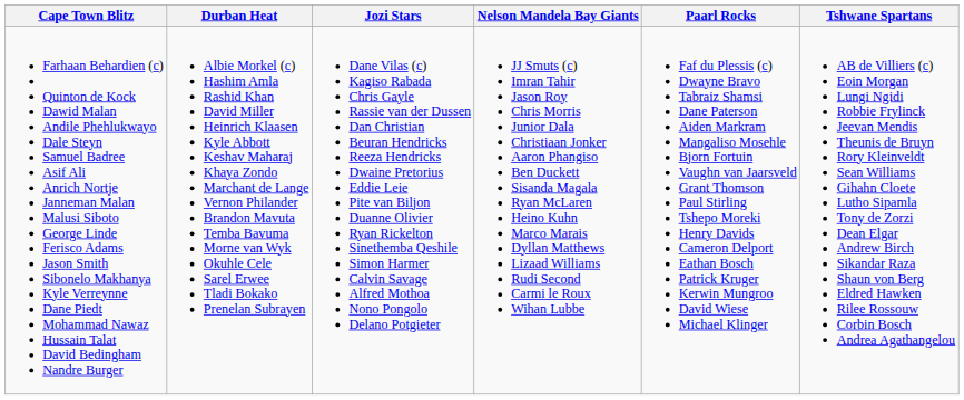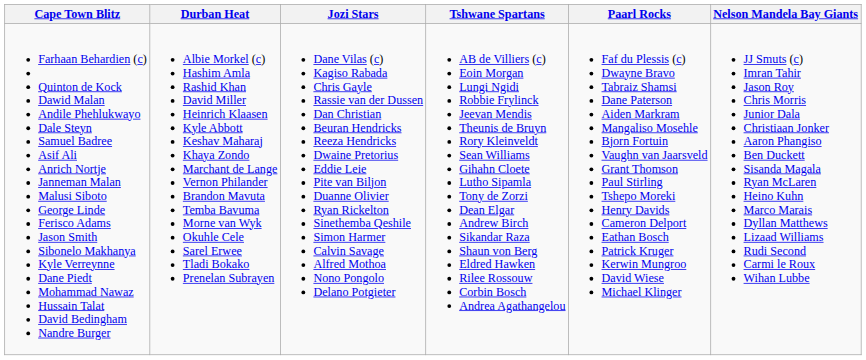 <table class="wikitable" style="text-align:left; margin:auto">
 <tr>
 <th><a href='#'>Cape Town Blitz</a></th>
 <th><a href='#'>Durban Heat</a></th>
 <th><a href='#'>Jozi Stars</a></th>
+<th><a href='#'>Tshwane Spartans</a></th>
+<th><a href='#'>Paarl Rocks</a></th>
 <th><a href='#'>Nelson Mandela Bay Giants</a></th>
-<th><a href='#'>Paarl Rocks</a></th>
-<th><a href='#'>Tshwane Spartans</a></th>
 </tr>
 <tr style="vertical-align:top">
 <td><br><ul><li><a href='#'>Farhaan Behardien</a> (<a href='#'>c</a>)</li><li></li><li><a href='#'>Quinton de Kock</a></li><li><a href='#'>Dawid Malan</a></li><li><a href='#'>Andile Phehlukwayo</a></li><li><a href='#'>Dale Steyn</a></li><li><a href='#'>Samuel Badree</a></li><li><a href='#'>Asif Ali</a></li><li><a href='#'>Anrich Nortje</a></li><li><a href='#'>Janneman Malan</a></li><li><a href='#'>Malusi Siboto</a></li><li><a href='#'>George Linde</a></li><li><a href='#'>Ferisco Adams</a></li><li><a href='#'>Jason Smith</a></li><li><a href='#'>Sibonelo Makhanya</a></li><li><a href='#'>Kyle Verreynne</a></li><li><a href='#'>Dane Piedt</a></li><li><a href='#'>Mohammad Nawaz</a></li><li><a href='#'>Hussain Talat</a></li><li><a href='#'>David Bedingham</a></li><li><a href='#'>Nandre Burger</a></li></ul></td>
 <td><br><ul><li><a href='#'>Albie Morkel</a> (<a href='#'>c</a>)</li><li><a href='#'>Hashim Amla</a></li><li><a href='#'>Rashid Khan</a></li><li><a href='#'>David Miller</a></li><li><a href='#'>Heinrich Klaasen</a></li><li><a href='#'>Kyle Abbott</a></li><li><a href='#'>Keshav Maharaj</a></li><li><a href='#'>Khaya Zondo</a></li><li><a href='#'>Marchant de Lange</a></li><li><a href='#'>Vernon Philander</a></li><li><a href='#'>Brandon Mavuta</a></li><li><a href='#'>Temba Bavuma</a></li><li><a href='#'>Morne van Wyk</a></li><li><a href='#'>Okuhle Cele</a></li><li><a href='#'>Sarel Erwee</a></li><li><a href='#'>Tladi Bokako</a></li><li><a href='#'>Prenelan Subrayen</a></li></ul></td>
 <td><br><ul><li><a href='#'>Dane Vilas</a> (<a href='#'>c</a>)</li><li><a href='#'>Kagiso Rabada</a></li><li><a href='#'>Chris Gayle</a></li><li><a href='#'>Rassie van der Dussen</a></li><li><a href='#'>Dan Christian</a></li><li><a href='#'>Beuran Hendricks</a></li><li><a href='#'>Reeza Hendricks</a></li><li><a href='#'>Dwaine Pretorius</a></li><li><a href='#'>Eddie Leie</a></li><li><a href='#'>Pite van Biljon</a></li><li><a href='#'>Duanne Olivier</a></li><li><a href='#'>Ryan Rickelton</a></li><li><a href='#'>Sinethemba Qeshile</a></li><li><a href='#'>Simon Harmer</a></li><li><a href='#'>Calvin Savage</a></li><li><a href='#'>Alfred Mothoa</a></li><li><a href='#'>Nono Pongolo</a></li><li><a href='#'>Delano Potgieter</a></li></ul></td>
+<td><br><ul><li><a href='#'>AB de Villiers</a> (<a href='#'>c</a>)</li><li><a href='#'>Eoin Morgan</a></li><li><a href='#'>Lungi Ngidi</a></li><li><a href='#'>Robbie Frylinck</a></li><li><a href='#'>Jeevan Mendis</a></li><li><a href='#'>Theunis de Bruyn</a></li><li><a href='#'>Rory Kleinveldt</a></li><li><a href='#'>Sean Williams</a></li><li><a href='#'>Gihahn Cloete</a></li><li><a href='#'>Lutho Sipamla</a></li><li><a href='#'>Tony de Zorzi</a></li><li><a href='#'>Dean Elgar</a></li><li><a href='#'>Andrew Birch</a></li><li><a href='#'>Sikandar Raza</a></li><li><a href='#'>Shaun von Berg</a></li><li><a href='#'>Eldred Hawken</a></li><li><a href='#'>Rilee Rossouw</a></li><li><a href='#'>Corbin Bosch</a></li><li><a href='#'>Andrea Agathangelou</a></li></ul></td>
+<td><br><ul><li><a href='#'>Faf du Plessis</a> (<a href='#'>c</a>)</li><li><a href='#'>Dwayne Bravo</a></li><li><a href='#'>Tabraiz Shamsi</a></li><li><a href='#'>Dane Paterson</a></li><li><a href='#'>Aiden Markram</a></li><li><a href='#'>Mangaliso Mosehle</a></li><li><a href='#'>Bjorn Fortuin</a></li><li><a href='#'>Vaughn van Jaarsveld</a></li><li><a href='#'>Grant Thomson</a></li><li><a href='#'>Paul Stirling</a></li><li><a href='#'>Tshepo Moreki</a></li><li><a href='#'>Henry Davids</a></li><li><a href='#'>Cameron Delport</a></li><li><a href='#'>Eathan Bosch</a></li><li><a href='#'>Patrick Kruger</a></li><li><a href='#'>Kerwin Mungroo</a></li><li><a href='#'>David Wiese</a></li><li><a href='#'>Michael Klinger</a></li></ul></td>
 <td><br><ul><li><a href='#'>JJ Smuts</a> (<a href='#'>c</a>)</li><li><a href='#'>Imran Tahir</a></li><li><a href='#'>Jason Roy</a></li><li><a href='#'>Chris Morris</a></li><li><a href='#'>Junior Dala</a></li><li><a href='#'>Christiaan Jonker</a></li><li><a href='#'>Aaron Phangiso</a></li><li><a href='#'>Ben Duckett</a></li><li><a href='#'>Sisanda Magala</a></li><li><a href='#'>Ryan McLaren</a></li><li><a href='#'>Heino Kuhn</a></li><li><a href='#'>Marco Marais</a></li><li><a href='#'>Dyllan Matthews</a></li><li><a href='#'>Lizaad Williams</a></li><li><a href='#'>Rudi Second</a></li><li><a href='#'>Carmi le Roux</a></li><li><a href='#'>Wihan Lubbe</a></li></ul></td>
-<td><br><ul><li><a href='#'>Faf du Plessis</a> (<a href='#'>c</a>)</li><li><a href='#'>Dwayne Bravo</a></li><li><a href='#'>Tabraiz Shamsi</a></li><li><a href='#'>Dane Paterson</a></li><li><a href='#'>Aiden Markram</a></li><li><a href='#'>Mangaliso Mosehle</a></li><li><a href='#'>Bjorn Fortuin</a></li><li><a href='#'>Vaughn van Jaarsveld</a></li><li><a href='#'>Grant Thomson</a></li><li><a href='#'>Paul Stirling</a></li><li><a href='#'>Tshepo Moreki</a></li><li><a href='#'>Henry Davids</a></li><li><a href='#'>Cameron Delport</a></li><li><a href='#'>Eathan Bosch</a></li><li><a href='#'>Patrick Kruger</a></li><li><a href='#'>Kerwin Mungroo</a></li><li><a href='#'>David Wiese</a></li><li><a href='#'>Michael Klinger</a></li></ul></td>
-<td><br><ul><li><a href='#'>AB de Villiers</a> (<a href='#'>c</a>)</li><li><a href='#'>Eoin Morgan</a></li><li><a href='#'>Lungi Ngidi</a></li><li><a href='#'>Robbie Frylinck</a></li><li><a href='#'>Jeevan Mendis</a></li><li><a href='#'>Theunis de Bruyn</a></li><li><a href='#'>Rory Kleinveldt</a></li><li><a href='#'>Sean Williams</a></li><li><a href='#'>Gihahn Cloete</a></li><li><a href='#'>Lutho Sipamla</a></li><li><a href='#'>Tony de Zorzi</a></li><li><a href='#'>Dean Elgar</a></li><li><a href='#'>Andrew Birch</a></li><li><a href='#'>Sikandar Raza</a></li><li><a href='#'>Shaun von Berg</a></li><li><a href='#'>Eldred Hawken</a></li><li><a href='#'>Rilee Rossouw</a></li><li><a href='#'>Corbin Bosch</a></li><li><a href='#'>Andrea Agathangelou</a></li></ul></td>
 </tr>
 </table>
